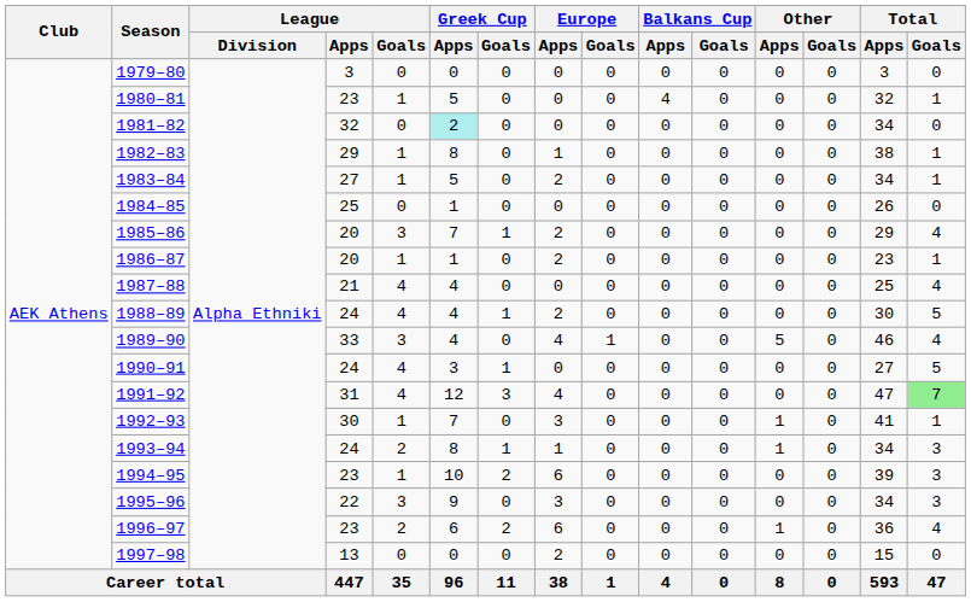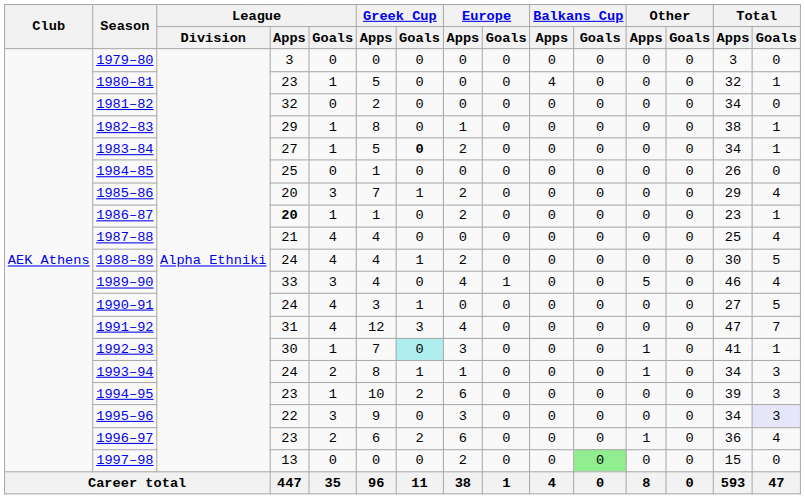 <table class="wikitable" style="text-align:center">
 <tr>
 <th rowspan="2">Club</th>
 <th rowspan="2">Season</th>
 <th colspan="3">League</th>
 <th colspan="2"><a href='#'>Greek Cup</a></th>
 <th colspan="2"><a href='#'>Europe</a></th>
 <th colspan="2"><a href='#'>Balkans Cup</a></th>
 <th colspan="2">Other</th>
 <th colspan="2">Total</th>
 </tr>
 <tr>
 <th>Division</th>
 <th>Apps</th>
 <th>Goals</th>
 <th>Apps</th>
 <th>Goals</th>
 <th>Apps</th>
 <th>Goals</th>
 <th>Apps</th>
 <th>Goals</th>
 <th>Apps</th>
 <th>Goals</th>
 <th>Apps</th>
 <th>Goals</th>
 </tr>
 <tr>
 <td rowspan=19><a href='#'>AEK Athens</a></td>
 <td><a href='#'>1979–80</a></td>
 <td rowspan=19><a href='#'>Alpha Ethniki</a></td>
 <td>3</td>
 <td>0</td>
 <td>0</td>
 <td>0</td>
 <td>0</td>
 <td>0</td>
 <td>0</td>
 <td>0</td>
 <td>0</td>
 <td>0</td>
 <td>3</td>
 <td>0</td>
 </tr>
 <tr>
 <td><a href='#'>1980–81</a></td>
 <td>23</td>
 <td>1</td>
 <td>5</td>
 <td>0</td>
 <td>0</td>
 <td>0</td>
 <td>4</td>
 <td>0</td>
 <td>0</td>
 <td>0</td>
 <td>32</td>
 <td>1</td>
 </tr>
 <tr>
 <td><a href='#'>1981–82</a></td>
 <td>32</td>
 <td>0</td>
-<td style="background: paleturquoise;">2</td>
+<td>2</td>
 <td>0</td>
 <td>0</td>
 <td>0</td>
 <td>0</td>
 <td>0</td>
 <td>0</td>
 <td>0</td>
 <td>34</td>
 <td>0</td>
 </tr>
 <tr>
 <td><a href='#'>1982–83</a></td>
 <td>29</td>
 <td>1</td>
 <td>8</td>
 <td>0</td>
 <td>1</td>
 <td>0</td>
 <td>0</td>
 <td>0</td>
 <td>0</td>
 <td>0</td>
 <td>38</td>
 <td>1</td>
 </tr>
 <tr>
 <td><a href='#'>1983–84</a></td>
 <td>27</td>
 <td>1</td>
 <td>5</td>
-<td>0</td>
+<td><strong>0</strong></td>
 <td>2</td>
 <td>0</td>
 <td>0</td>
 <td>0</td>
 <td>0</td>
 <td>0</td>
 <td>34</td>
 <td>1</td>
 </tr>
 <tr>
 <td><a href='#'>1984–85</a></td>
 <td>25</td>
 <td>0</td>
 <td>1</td>
 <td>0</td>
 <td>0</td>
 <td>0</td>
 <td>0</td>
 <td>0</td>
 <td>0</td>
 <td>0</td>
 <td>26</td>
 <td>0</td>
 </tr>
 <tr>
 <td><a href='#'>1985–86</a></td>
 <td>20</td>
 <td>3</td>
 <td>7</td>
 <td>1</td>
 <td>2</td>
 <td>0</td>
 <td>0</td>
 <td>0</td>
 <td>0</td>
 <td>0</td>
 <td>29</td>
 <td>4</td>
 </tr>
 <tr>
 <td><a href='#'>1986–87</a></td>
-<td>20</td>
+<td><strong>20</strong></td>
 <td>1</td>
 <td>1</td>
 <td>0</td>
 <td>2</td>
 <td>0</td>
 <td>0</td>
 <td>0</td>
 <td>0</td>
 <td>0</td>
 <td>23</td>
 <td>1</td>
 </tr>
 <tr>
 <td><a href='#'>1987–88</a></td>
 <td>21</td>
 <td>4</td>
 <td>4</td>
 <td>0</td>
 <td>0</td>
 <td>0</td>
 <td>0</td>
 <td>0</td>
 <td>0</td>
 <td>0</td>
 <td>25</td>
 <td>4</td>
 </tr>
 <tr>
 <td><a href='#'>1988–89</a></td>
 <td>24</td>
 <td>4</td>
 <td>4</td>
 <td>1</td>
 <td>2</td>
 <td>0</td>
 <td>0</td>
 <td>0</td>
 <td>0</td>
 <td>0</td>
 <td>30</td>
 <td>5</td>
 </tr>
 <tr>
 <td><a href='#'>1989–90</a></td>
 <td>33</td>
 <td>3</td>
 <td>4</td>
 <td>0</td>
 <td>4</td>
 <td>1</td>
 <td>0</td>
 <td>0</td>
 <td>5</td>
 <td>0</td>
 <td>46</td>
 <td>4</td>
 </tr>
 <tr>
 <td><a href='#'>1990–91</a></td>
 <td>24</td>
 <td>4</td>
 <td>3</td>
 <td>1</td>
 <td>0</td>
 <td>0</td>
 <td>0</td>
 <td>0</td>
 <td>0</td>
 <td>0</td>
 <td>27</td>
 <td>5</td>
 </tr>
 <tr>
 <td><a href='#'>1991–92</a></td>
 <td>31</td>
 <td>4</td>
 <td>12</td>
 <td>3</td>
 <td>4</td>
 <td>0</td>
 <td>0</td>
 <td>0</td>
 <td>0</td>
 <td>0</td>
 <td>47</td>
-<td style="background: lightgreen;">7</td>
+<td>7</td>
 </tr>
 <tr>
 <td><a href='#'>1992–93</a></td>
 <td>30</td>
 <td>1</td>
 <td>7</td>
-<td>0</td>
+<td style="background: paleturquoise;">0</td>
 <td>3</td>
 <td>0</td>
 <td>0</td>
 <td>0</td>
 <td>1</td>
 <td>0</td>
 <td>41</td>
 <td>1</td>
 </tr>
 <tr>
 <td><a href='#'>1993–94</a></td>
 <td>24</td>
 <td>2</td>
 <td>8</td>
 <td>1</td>
 <td>1</td>
 <td>0</td>
 <td>0</td>
 <td>0</td>
 <td>1</td>
 <td>0</td>
 <td>34</td>
 <td>3</td>
 </tr>
 <tr>
 <td><a href='#'>1994–95</a></td>
 <td>23</td>
 <td>1</td>
 <td>10</td>
 <td>2</td>
 <td>6</td>
 <td>0</td>
 <td>0</td>
 <td>0</td>
 <td>0</td>
 <td>0</td>
 <td>39</td>
 <td>3</td>
 </tr>
 <tr>
 <td><a href='#'>1995–96</a></td>
 <td>22</td>
 <td>3</td>
 <td>9</td>
 <td>0</td>
 <td>3</td>
 <td>0</td>
 <td>0</td>
 <td>0</td>
 <td>0</td>
 <td>0</td>
 <td>34</td>
-<td>3</td>
+<td style="background: lavender;">3</td>
 </tr>
 <tr>
 <td><a href='#'>1996–97</a></td>
 <td>23</td>
 <td>2</td>
 <td>6</td>
 <td>2</td>
 <td>6</td>
 <td>0</td>
 <td>0</td>
 <td>0</td>
 <td>1</td>
 <td>0</td>
 <td>36</td>
 <td>4</td>
 </tr>
 <tr>
 <td><a href='#'>1997–98</a></td>
 <td>13</td>
 <td>0</td>
 <td>0</td>
 <td>0</td>
 <td>2</td>
 <td>0</td>
 <td>0</td>
-<td>0</td>
+<td style="background: lightgreen;">0</td>
 <td>0</td>
 <td>0</td>
 <td>15</td>
 <td>0</td>
 </tr>
 <tr>
 <th colspan=3>Career total</th>
 <th>447</th>
 <th>35</th>
 <th>96</th>
 <th>11</th>
 <th>38</th>
 <th>1</th>
 <th>4</th>
 <th>0</th>
 <th>8</th>
 <th>0</th>
 <th>593</th>
 <th>47</th>
 </tr>
 </table>
